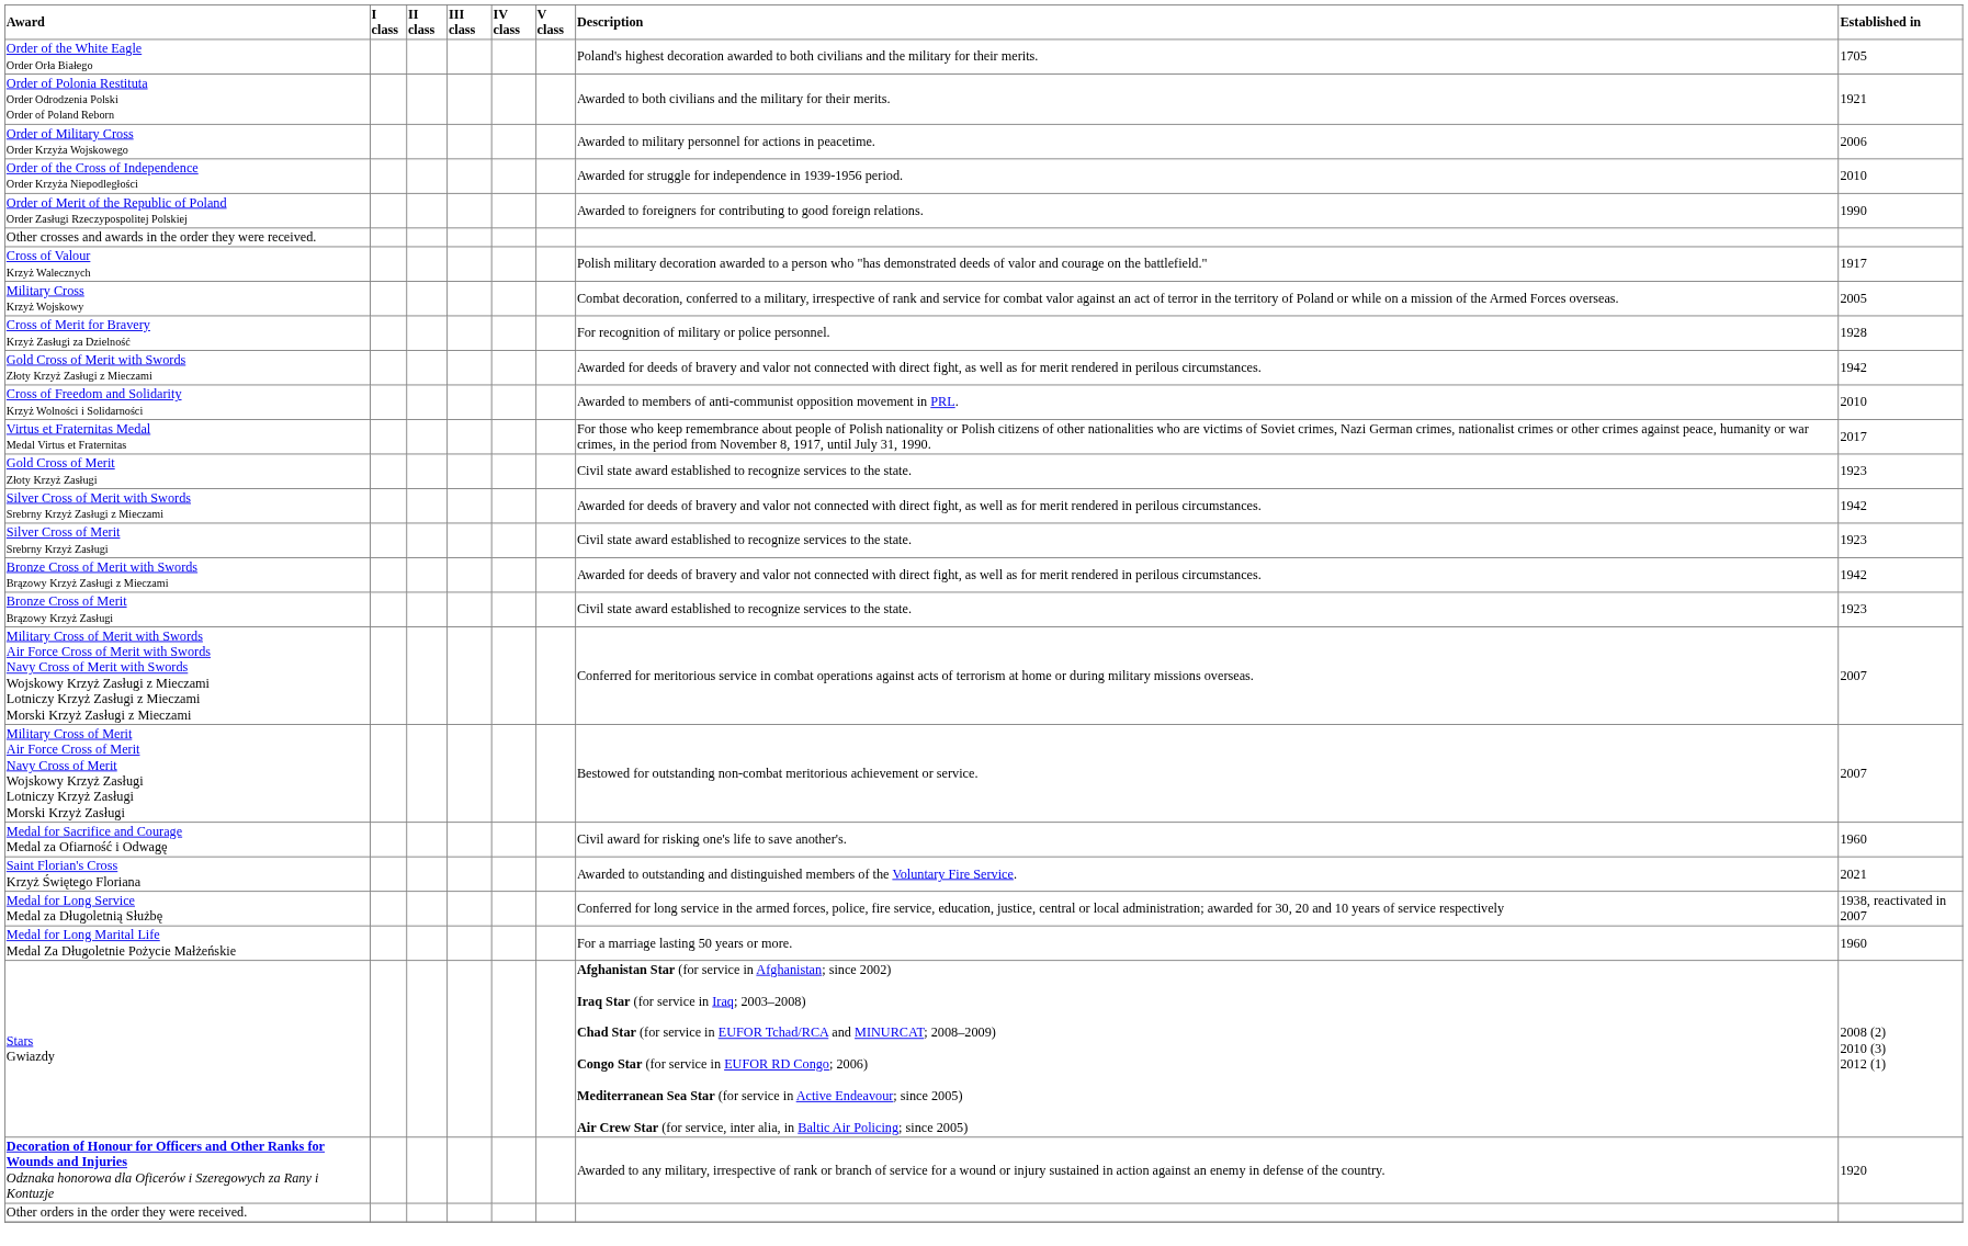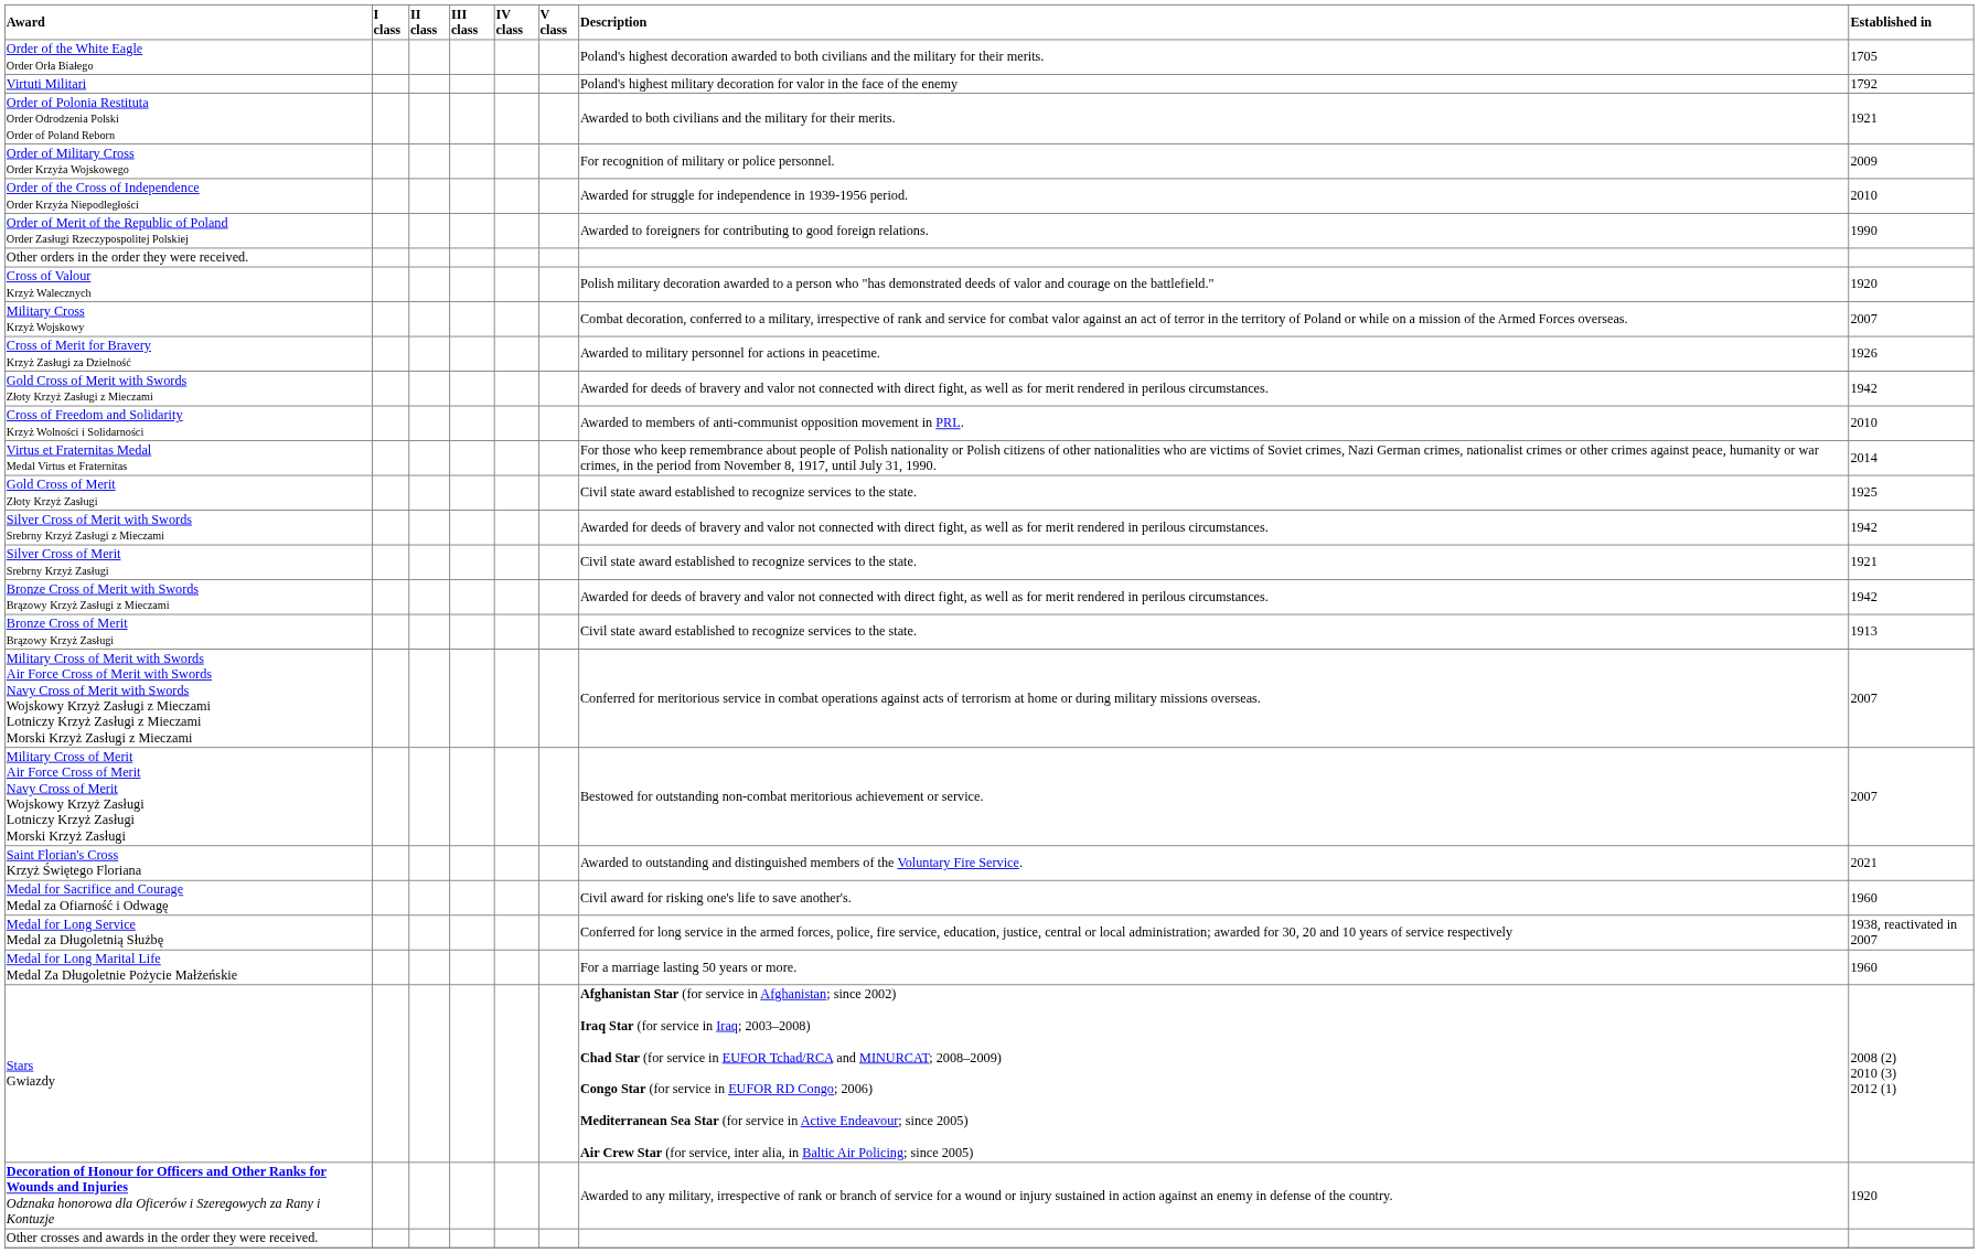 <table border="1" cellpadding="1" cellspacing="0" style="font-size: 85%; border: gray solid 1px; border-collapse: collapse; text-align: left;">
 <tr>
 <th>Award</th>
 <th>I class</th>
 <th>II class</th>
 <th>III class</th>
 <th>IV class</th>
 <th>V class</th>
 <th>Description</th>
 <th>Established in</th>
 </tr>
 <tr>
 <td><a href='#'>Order of the White Eagle</a><br><small>Order Orła Białego</small></td>
 <td></td>
 <td></td>
 <td></td>
 <td></td>
 <td></td>
 <td>Poland's highest decoration awarded to both civilians and the military for their merits.</td>
 <td>1705</td>
 </tr>
 <tr>
+<td><a href='#'>Virtuti Militari</a></td>
+<td></td>
+<td></td>
+<td></td>
+<td></td>
+<td></td>
+<td>Poland's highest military decoration for valor in the face of the enemy</td>
+<td>1792</td>
+</tr>
+<tr>
 <td><a href='#'>Order of Polonia Restituta</a><br><small>Order Odrodzenia Polski<br>Order of Poland Reborn</small></td>
 <td></td>
 <td></td>
 <td></td>
 <td></td>
 <td></td>
 <td>Awarded to both civilians and the military for their merits.</td>
 <td>1921</td>
 </tr>
 <tr>
 <td><a href='#'>Order of Military Cross</a><br><small>Order Krzyża Wojskowego</small></td>
 <td></td>
 <td></td>
 <td></td>
 <td></td>
 <td></td>
-<td>Awarded to military personnel for actions in peacetime.</td>
-<td>2006</td>
+<td>For recognition of military or police personnel.</td>
+<td>2009</td>
 </tr>
 <tr>
 <td><a href='#'>Order of the Cross of Independence</a><br><small>Order Krzyża Niepodległości</small></td>
 <td></td>
 <td></td>
 <td></td>
 <td></td>
 <td></td>
 <td>Awarded for struggle for independence in 1939-1956 period.</td>
 <td>2010</td>
 </tr>
 <tr>
 <td><a href='#'>Order of Merit of the Republic of Poland</a><br><small>Order Zasługi Rzeczypospolitej Polskiej</small></td>
 <td></td>
 <td></td>
 <td></td>
 <td></td>
 <td></td>
 <td>Awarded to foreigners for contributing to good foreign relations.</td>
 <td>1990</td>
 </tr>
 <tr>
-<td>Other crosses and awards in the order they were received.</td>
+<td>Other orders in the order they were received.</td>
 <td></td>
 <td></td>
 <td></td>
 <td></td>
 <td></td>
 <td></td>
 <td></td>
 </tr>
 <tr>
 <td><a href='#'>Cross of Valour</a><br><small>Krzyż Walecznych</small></td>
 <td></td>
 <td></td>
 <td></td>
 <td></td>
 <td></td>
 <td>Polish military decoration awarded to a person who "has demonstrated deeds of valor and courage on the battlefield."</td>
-<td>1917</td>
+<td>1920</td>
 </tr>
 <tr>
 <td><a href='#'>Military Cross</a><br><small>Krzyż Wojskowy</small></td>
 <td></td>
 <td></td>
 <td></td>
 <td></td>
 <td></td>
 <td>Combat decoration, conferred to a military, irrespective of rank and service for combat valor against an act of terror in the territory of Poland or while on a mission of the Armed Forces overseas.</td>
-<td>2005</td>
+<td>2007</td>
 </tr>
 <tr>
 <td><a href='#'>Cross of Merit for Bravery</a><br><small>Krzyż Zasługi za Dzielność</small></td>
 <td></td>
 <td></td>
 <td></td>
 <td></td>
 <td></td>
-<td>For recognition of military or police personnel.</td>
-<td>1928</td>
+<td>Awarded to military personnel for actions in peacetime.</td>
+<td>1926</td>
 </tr>
 <tr>
 <td><a href='#'>Gold Cross of Merit with Swords</a><br><small>Złoty Krzyż Zasługi z Mieczami</small></td>
 <td></td>
 <td></td>
 <td></td>
 <td></td>
 <td></td>
 <td>Awarded for deeds of bravery and valor not connected with direct fight, as well as for merit rendered in perilous circumstances.</td>
 <td>1942</td>
 </tr>
 <tr>
 <td><a href='#'>Cross of Freedom and Solidarity</a><br><small>Krzyż Wolności i Solidarności</small></td>
 <td></td>
 <td></td>
 <td></td>
 <td></td>
 <td></td>
 <td>Awarded to members of anti-communist opposition movement in <a href='#'>PRL</a>.</td>
 <td>2010</td>
 </tr>
 <tr>
 <td><a href='#'>Virtus et Fraternitas Medal</a><br><small>Medal Virtus et Fraternitas</small></td>
 <td></td>
 <td></td>
 <td></td>
 <td></td>
 <td></td>
 <td>For those who keep remembrance about people of Polish nationality or Polish citizens of other nationalities who are victims of Soviet crimes, Nazi German crimes, nationalist crimes or other crimes against peace, humanity or war crimes, in the period from November 8, 1917, until July 31, 1990.</td>
-<td>2017</td>
+<td>2014</td>
 </tr>
 <tr>
 <td><a href='#'>Gold Cross of Merit</a><br><small>Złoty Krzyż Zasługi</small></td>
 <td></td>
 <td></td>
 <td></td>
 <td></td>
 <td></td>
 <td>Civil state award established to recognize services to the state.</td>
-<td>1923</td>
+<td>1925</td>
 </tr>
 <tr>
 <td><a href='#'>Silver Cross of Merit with Swords</a><br><small>Srebrny Krzyż Zasługi z Mieczami</small></td>
 <td></td>
 <td></td>
 <td></td>
 <td></td>
 <td></td>
 <td>Awarded for deeds of bravery and valor not connected with direct fight, as well as for merit rendered in perilous circumstances.</td>
 <td>1942</td>
 </tr>
 <tr>
 <td><a href='#'>Silver Cross of Merit</a><br><small>Srebrny Krzyż Zasługi</small></td>
 <td></td>
 <td></td>
 <td></td>
 <td></td>
 <td></td>
 <td>Civil state award established to recognize services to the state.</td>
-<td>1923</td>
+<td>1921</td>
 </tr>
 <tr>
 <td><a href='#'>Bronze Cross of Merit with Swords</a><br><small>Brązowy Krzyż Zasługi z Mieczami</small></td>
 <td></td>
 <td></td>
 <td></td>
 <td></td>
 <td></td>
 <td>Awarded for deeds of bravery and valor not connected with direct fight, as well as for merit rendered in perilous circumstances.</td>
 <td>1942</td>
 </tr>
 <tr>
 <td><a href='#'>Bronze Cross of Merit</a><br><small>Brązowy Krzyż Zasługi</small></td>
 <td></td>
 <td></td>
 <td></td>
 <td></td>
 <td></td>
 <td>Civil state award established to recognize services to the state.</td>
-<td>1923</td>
+<td>1913</td>
 </tr>
 <tr>
 <td><a href='#'>Military Cross of Merit with Swords</a><br><a href='#'>Air Force Cross of Merit with Swords</a><br><a href='#'>Navy Cross of Merit with Swords</a><br><small></small>Wojskowy Krzyż Zasługi z Mieczami<br>Lotniczy Krzyż Zasługi z Mieczami<br>Morski Krzyż Zasługi z Mieczami</td>
 <td><br> </td>
 <td></td>
 <td></td>
 <td></td>
 <td></td>
 <td>Conferred for meritorious service in combat operations against acts of terrorism at home or during military missions overseas.</td>
 <td>2007</td>
 </tr>
 <tr>
 <td><a href='#'>Military Cross of Merit</a><br><a href='#'>Air Force Cross of Merit</a><br><a href='#'>Navy Cross of Merit</a><br><small></small>Wojskowy Krzyż Zasługi<br>Lotniczy Krzyż Zasługi<br>Morski Krzyż Zasługi</td>
 <td><br> </td>
 <td></td>
 <td></td>
 <td></td>
 <td></td>
 <td>Bestowed for outstanding non-combat meritorious achievement or service.</td>
 <td>2007</td>
 </tr>
 <tr>
+<td><a href='#'>Saint Florian's Cross</a><br><small></small>Krzyż Świętego Floriana</td>
+<td></td>
+<td></td>
+<td></td>
+<td></td>
+<td></td>
+<td>Awarded to outstanding and distinguished members of the <a href='#'>Voluntary Fire Service</a>.</td>
+<td>2021</td>
+</tr>
+<tr>
 <td><a href='#'>Medal for Sacrifice and Courage</a><br><small></small>Medal za Ofiarność i Odwagę</td>
 <td></td>
 <td></td>
 <td></td>
 <td></td>
 <td></td>
 <td>Civil award for risking one's life to save another's.</td>
 <td>1960</td>
-</tr>
-<tr>
-<td><a href='#'>Saint Florian's Cross</a><br><small></small>Krzyż Świętego Floriana</td>
-<td></td>
-<td></td>
-<td></td>
-<td></td>
-<td></td>
-<td>Awarded to outstanding and distinguished members of the <a href='#'>Voluntary Fire Service</a>.</td>
-<td>2021</td>
 </tr>
 <tr>
 <td><a href='#'>Medal for Long Service</a><br><small></small>Medal za Długoletnią Służbę</td>
 <td></td>
 <td></td>
 <td></td>
 <td></td>
 <td></td>
 <td>Conferred for long service in the armed forces, police, fire service, education, justice, central or local administration; awarded for 30, 20 and 10 years of service respectively</td>
 <td>1938, reactivated in 2007</td>
 </tr>
 <tr>
 <td><a href='#'>Medal for Long Marital Life</a><br><small></small>Medal Za Długoletnie Pożycie Małżeńskie</td>
 <td></td>
 <td></td>
 <td></td>
 <td></td>
 <td></td>
 <td>For a marriage lasting 50 years or more.</td>
 <td>1960</td>
 </tr>
 <tr>
 <td><a href='#'>Stars</a><br><small></small>Gwiazdy</td>
 <td><br><br><br><br><br></td>
 <td></td>
 <td></td>
 <td></td>
 <td></td>
 <td><strong>Afghanistan Star</strong> (for service in <a href='#'>Afghanistan</a>; since 2002)<br><br><strong>Iraq Star</strong> (for service in <a href='#'>Iraq</a>; 2003–2008)<br><br><strong>Chad Star</strong> (for service in <a href='#'>EUFOR Tchad/RCA</a> and <a href='#'>MINURCAT</a>; 2008–2009)<br><br><strong>Congo Star</strong> (for service in <a href='#'>EUFOR RD Congo</a>; 2006)<br><br><strong>Mediterranean Sea Star</strong> (for service in <a href='#'>Active Endeavour</a>; since 2005)<br><br><strong>Air Crew Star</strong> (for service, inter alia, in <a href='#'>Baltic Air Policing</a>; since 2005)</td>
 <td>2008 (2)<br>2010 (3)<br>2012 (1)</td>
 </tr>
 <tr>
 <td><strong><a href='#'>Decoration of Honour for Officers and Other Ranks for Wounds and Injuries</a></strong><br><em>Odznaka honorowa dla Oficerów i Szeregowych za Rany i Kontuzje</em></td>
 <td></td>
 <td></td>
 <td></td>
 <td></td>
 <td></td>
 <td>Awarded to any military, irrespective of rank or branch of service for a wound or injury sustained in action against an enemy in defense of the country.</td>
 <td>1920</td>
 </tr>
 <tr>
-<td>Other orders in the order they were received.</td>
+<td>Other crosses and awards in the order they were received.</td>
 <td></td>
 <td></td>
 <td></td>
 <td></td>
 <td></td>
 <td></td>
 <td></td>
 </tr>
 <tr>
 </tr>
 </table>
